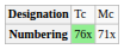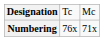 <table class="wikitable">
 <tr>
 <th>Designation</th>
 <td>Tc</td>
 <td>Mc</td>
 </tr>
 <tr>
 <th>Numbering</th>
-<td style="background: lightgreen;">76x</td>
+<td>76x</td>
 <td>71x</td>
 </tr>
 </table>
